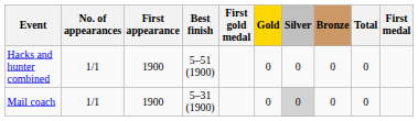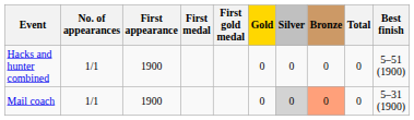 <table class="wikitable sortable" style="text-align:center">
 <tr>
 <th>Event</th>
 <th>No. of<br>appearances</th>
 <th>First<br>appearance</th>
-<th>Best finish</th>
+<th>First<br>medal</th>
 <th>First<br>gold medal</th>
 <th style="background-color:gold;">Gold</th>
 <th style="background-color:silver;">Silver</th>
 <th style="background-color:#c96;">Bronze</th>
 <th>Total</th>
-<th>First<br>medal</th>
+<th>Best finish</th>
 </tr>
 <tr>
 <td align=left><a href='#'>Hacks and hunter combined</a></td>
 <td>1/1</td>
 <td>1900</td>
-<td>5–51 (1900)</td>
+<td></td>
 <td></td>
 <td>0</td>
 <td>0</td>
 <td>0</td>
 <td>0</td>
-<td></td>
+<td>5–51 (1900)</td>
 </tr>
 <tr>
 <td align=left><a href='#'>Mail coach</a></td>
 <td>1/1</td>
 <td>1900</td>
-<td>5–31 (1900)</td>
+<td></td>
 <td></td>
 <td>0</td>
 <td style="background: lightgrey;">0</td>
+<td style="background: lightsalmon;">0</td>
 <td>0</td>
-<td>0</td>
-<td></td>
+<td>5–31 (1900)</td>
 </tr>
 </table>
